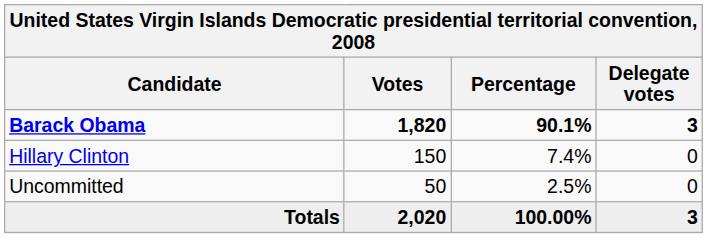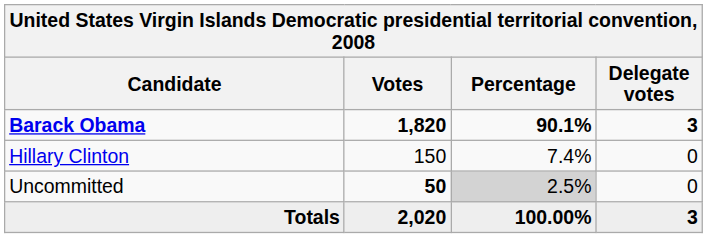 <table class="wikitable" style="font-size: 95%; text-align:right;">
 <tr>
 <th colspan="4">United States Virgin Islands Democratic presidential territorial convention, 2008</th>
 </tr>
 <tr>
 <th style="width: 17em">Candidate</th>
 <th style="width: 5em">Votes</th>
 <th style="width: 7em">Percentage</th>
 <th style="width: 5em">Delegate votes</th>
 </tr>
 <tr>
 <td align="left"><strong><a href='#'>Barack Obama</a></strong></td>
 <td><strong>1,820</strong></td>
 <td><strong>90.1%</strong></td>
 <td><strong>3</strong></td>
 </tr>
 <tr>
 <td align="left"><a href='#'>Hillary Clinton</a></td>
 <td>150</td>
 <td>7.4%</td>
 <td>0</td>
 </tr>
 <tr>
 <td align="left">Uncommitted</td>
-<td>50</td>
-<td>2.5%</td>
+<td><strong>50</strong></td>
+<td style="background: lightgrey;">2.5%</td>
 <td>0</td>
 </tr>
 <tr bgcolor="#EEEEEE" style="margin-right:0.5em">
 <td><strong>Totals</strong></td>
 <td><strong>2,020</strong></td>
 <td><strong>100.00%</strong></td>
 <td><strong>3</strong></td>
 </tr>
 </table>
